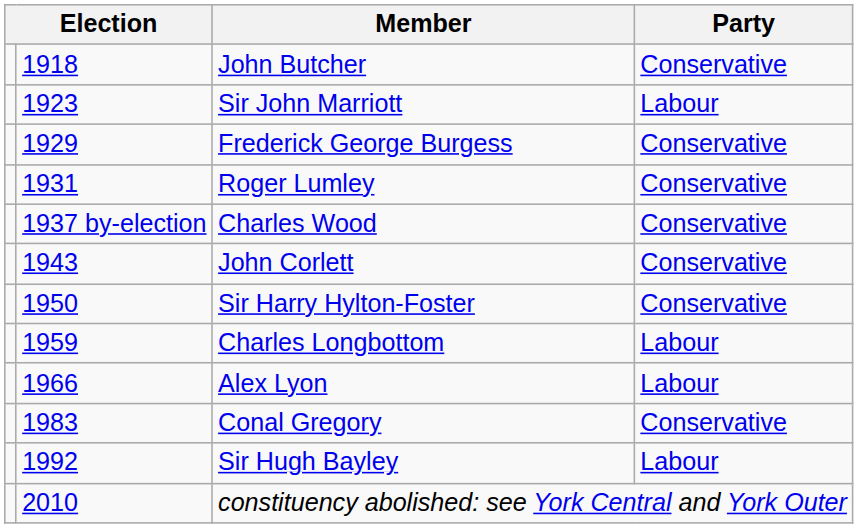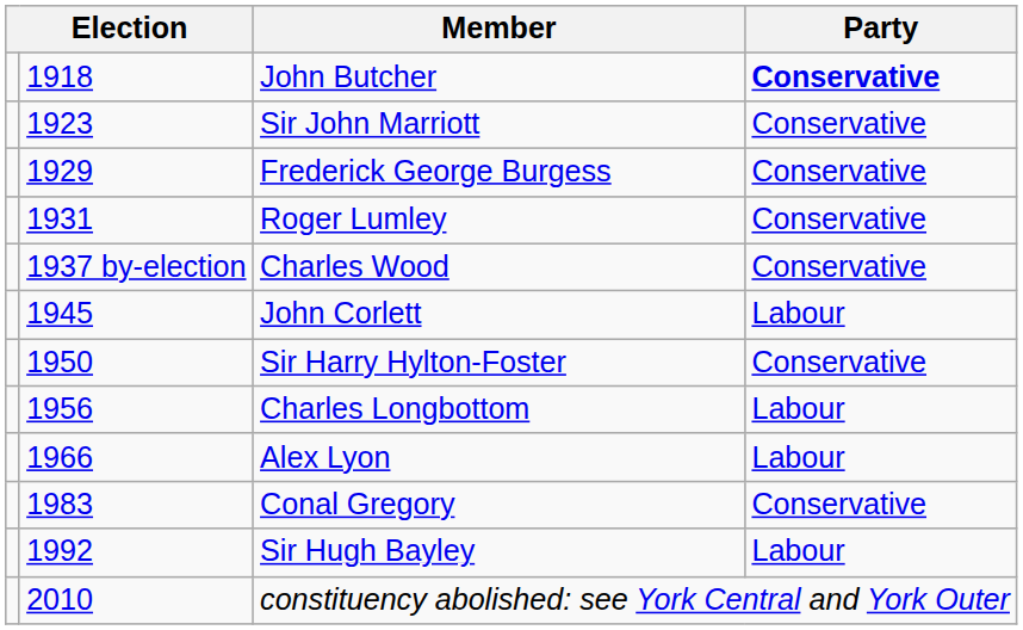 <table class="wikitable">
 <tr>
 <th colspan=2>Election</th>
 <th>Member</th>
 <th>Party</th>
 </tr>
 <tr>
 <td style="color:inherit;background-color: "></td>
 <td><a href='#'>1918</a></td>
 <td><a href='#'>John Butcher</a></td>
-<td><a href='#'>Conservative</a></td>
+<td><strong><a href='#'>Conservative</a></strong></td>
 </tr>
 <tr>
 <td style="color:inherit;background-color: "></td>
 <td><a href='#'>1923</a></td>
 <td><a href='#'>Sir John Marriott</a></td>
-<td><a href='#'>Labour</a></td>
+<td><a href='#'>Conservative</a></td>
 </tr>
 <tr>
 <td style="color:inherit;background-color: "></td>
 <td><a href='#'>1929</a></td>
 <td><a href='#'>Frederick George Burgess</a></td>
 <td><a href='#'>Conservative</a></td>
 </tr>
 <tr>
 <td style="color:inherit;background-color: "></td>
 <td><a href='#'>1931</a></td>
 <td><a href='#'>Roger Lumley</a></td>
 <td><a href='#'>Conservative</a></td>
 </tr>
 <tr>
 <td style="color:inherit;background-color: "></td>
 <td><a href='#'>1937 by-election</a></td>
 <td><a href='#'>Charles Wood</a></td>
 <td><a href='#'>Conservative</a></td>
 </tr>
 <tr>
 <td style="color:inherit;background-color: "></td>
-<td><a href='#'>1943</a></td>
+<td><a href='#'>1945</a></td>
 <td><a href='#'>John Corlett</a></td>
-<td><a href='#'>Conservative</a></td>
+<td><a href='#'>Labour</a></td>
 </tr>
 <tr>
 <td style="color:inherit;background-color: "></td>
 <td><a href='#'>1950</a></td>
 <td><a href='#'>Sir Harry Hylton-Foster</a></td>
 <td><a href='#'>Conservative</a></td>
 </tr>
 <tr>
 <td style="color:inherit;background-color: "></td>
-<td><a href='#'>1959</a></td>
+<td><a href='#'>1956</a></td>
 <td><a href='#'>Charles Longbottom</a></td>
 <td><a href='#'>Labour</a></td>
 </tr>
 <tr>
 <td style="color:inherit;background-color: "></td>
 <td><a href='#'>1966</a></td>
 <td><a href='#'>Alex Lyon</a></td>
 <td><a href='#'>Labour</a></td>
 </tr>
 <tr>
 <td style="color:inherit;background-color: "></td>
 <td><a href='#'>1983</a></td>
 <td><a href='#'>Conal Gregory</a></td>
 <td><a href='#'>Conservative</a></td>
 </tr>
 <tr>
 <td style="color:inherit;background-color: "></td>
 <td><a href='#'>1992</a></td>
 <td><a href='#'>Sir Hugh Bayley</a></td>
 <td><a href='#'>Labour</a></td>
 </tr>
 <tr>
 <td></td>
 <td><a href='#'>2010</a></td>
 <td colspan="2"><em>constituency abolished: see <a href='#'>York Central</a> and <a href='#'>York Outer</a></em></td>
 </tr>
 </table>
